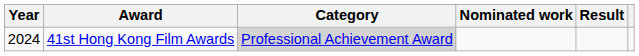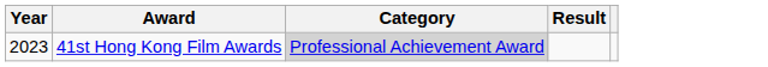 <table class="wikitable">
 <tr>
 <th>Year</th>
 <th>Award</th>
 <th>Category</th>
-<th>Nominated work</th>
 <th>Result</th>
 <th></th>
 </tr>
 <tr>
-<td>2024</td>
+<td>2023</td>
 <td><a href='#'>41st Hong Kong Film Awards</a></td>
 <td style="background: lightgrey;"><a href='#'>Professional Achievement Award</a></td>
 <td></td>
 <td></td>
-<td></td>
 </tr>
 </table>
